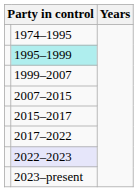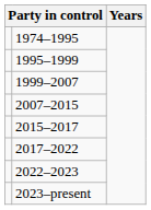 <table class="wikitable">
 <tr>
 <th colspan=2>Party in control</th>
 <th>Years</th>
 </tr>
 <tr>
 <td></td>
 <td>1974–1995</td>
 </tr>
 <tr>
 <td></td>
-<td style="background: paleturquoise;">1995–1999</td>
+<td>1995–1999</td>
 </tr>
 <tr>
 <td></td>
 <td>1999–2007</td>
 </tr>
 <tr>
 <td></td>
 <td>2007–2015</td>
 </tr>
 <tr>
 <td></td>
 <td>2015–2017</td>
 </tr>
 <tr>
 <td></td>
 <td>2017–2022</td>
 </tr>
 <tr>
 <td></td>
-<td style="background: lavender;">2022–2023</td>
+<td>2022–2023</td>
 </tr>
 <tr>
 <td></td>
 <td>2023–present</td>
 </tr>
 </table>
